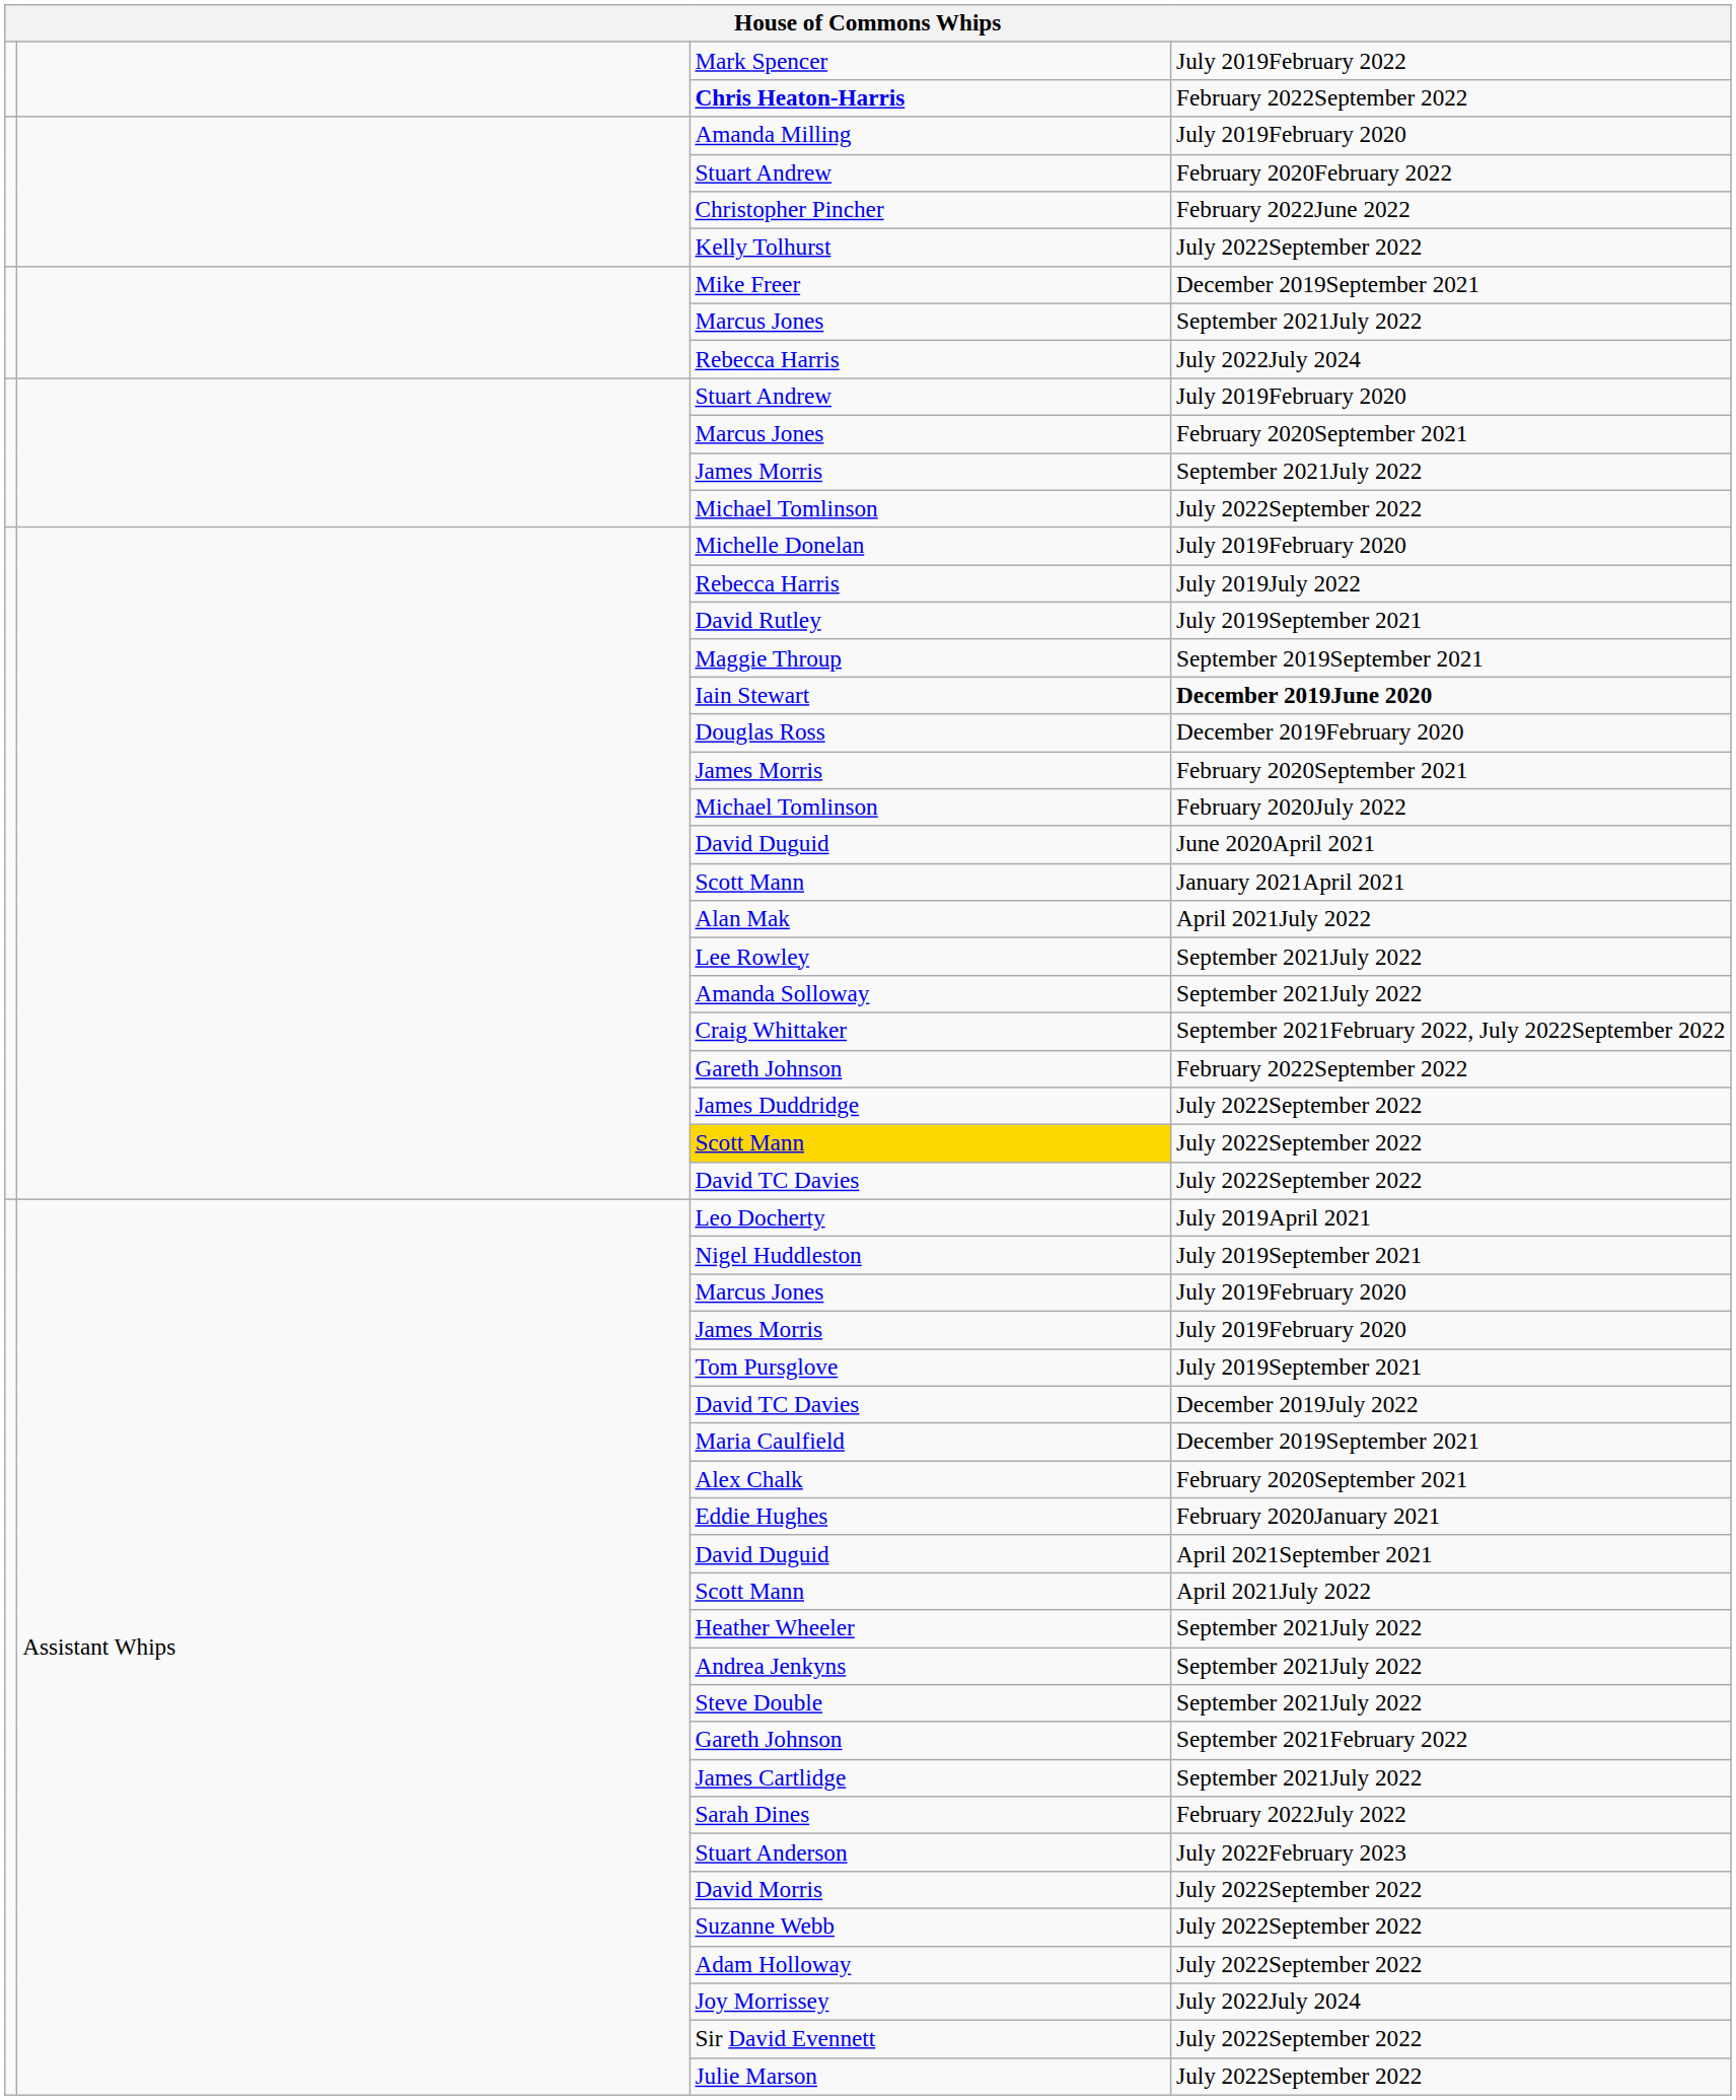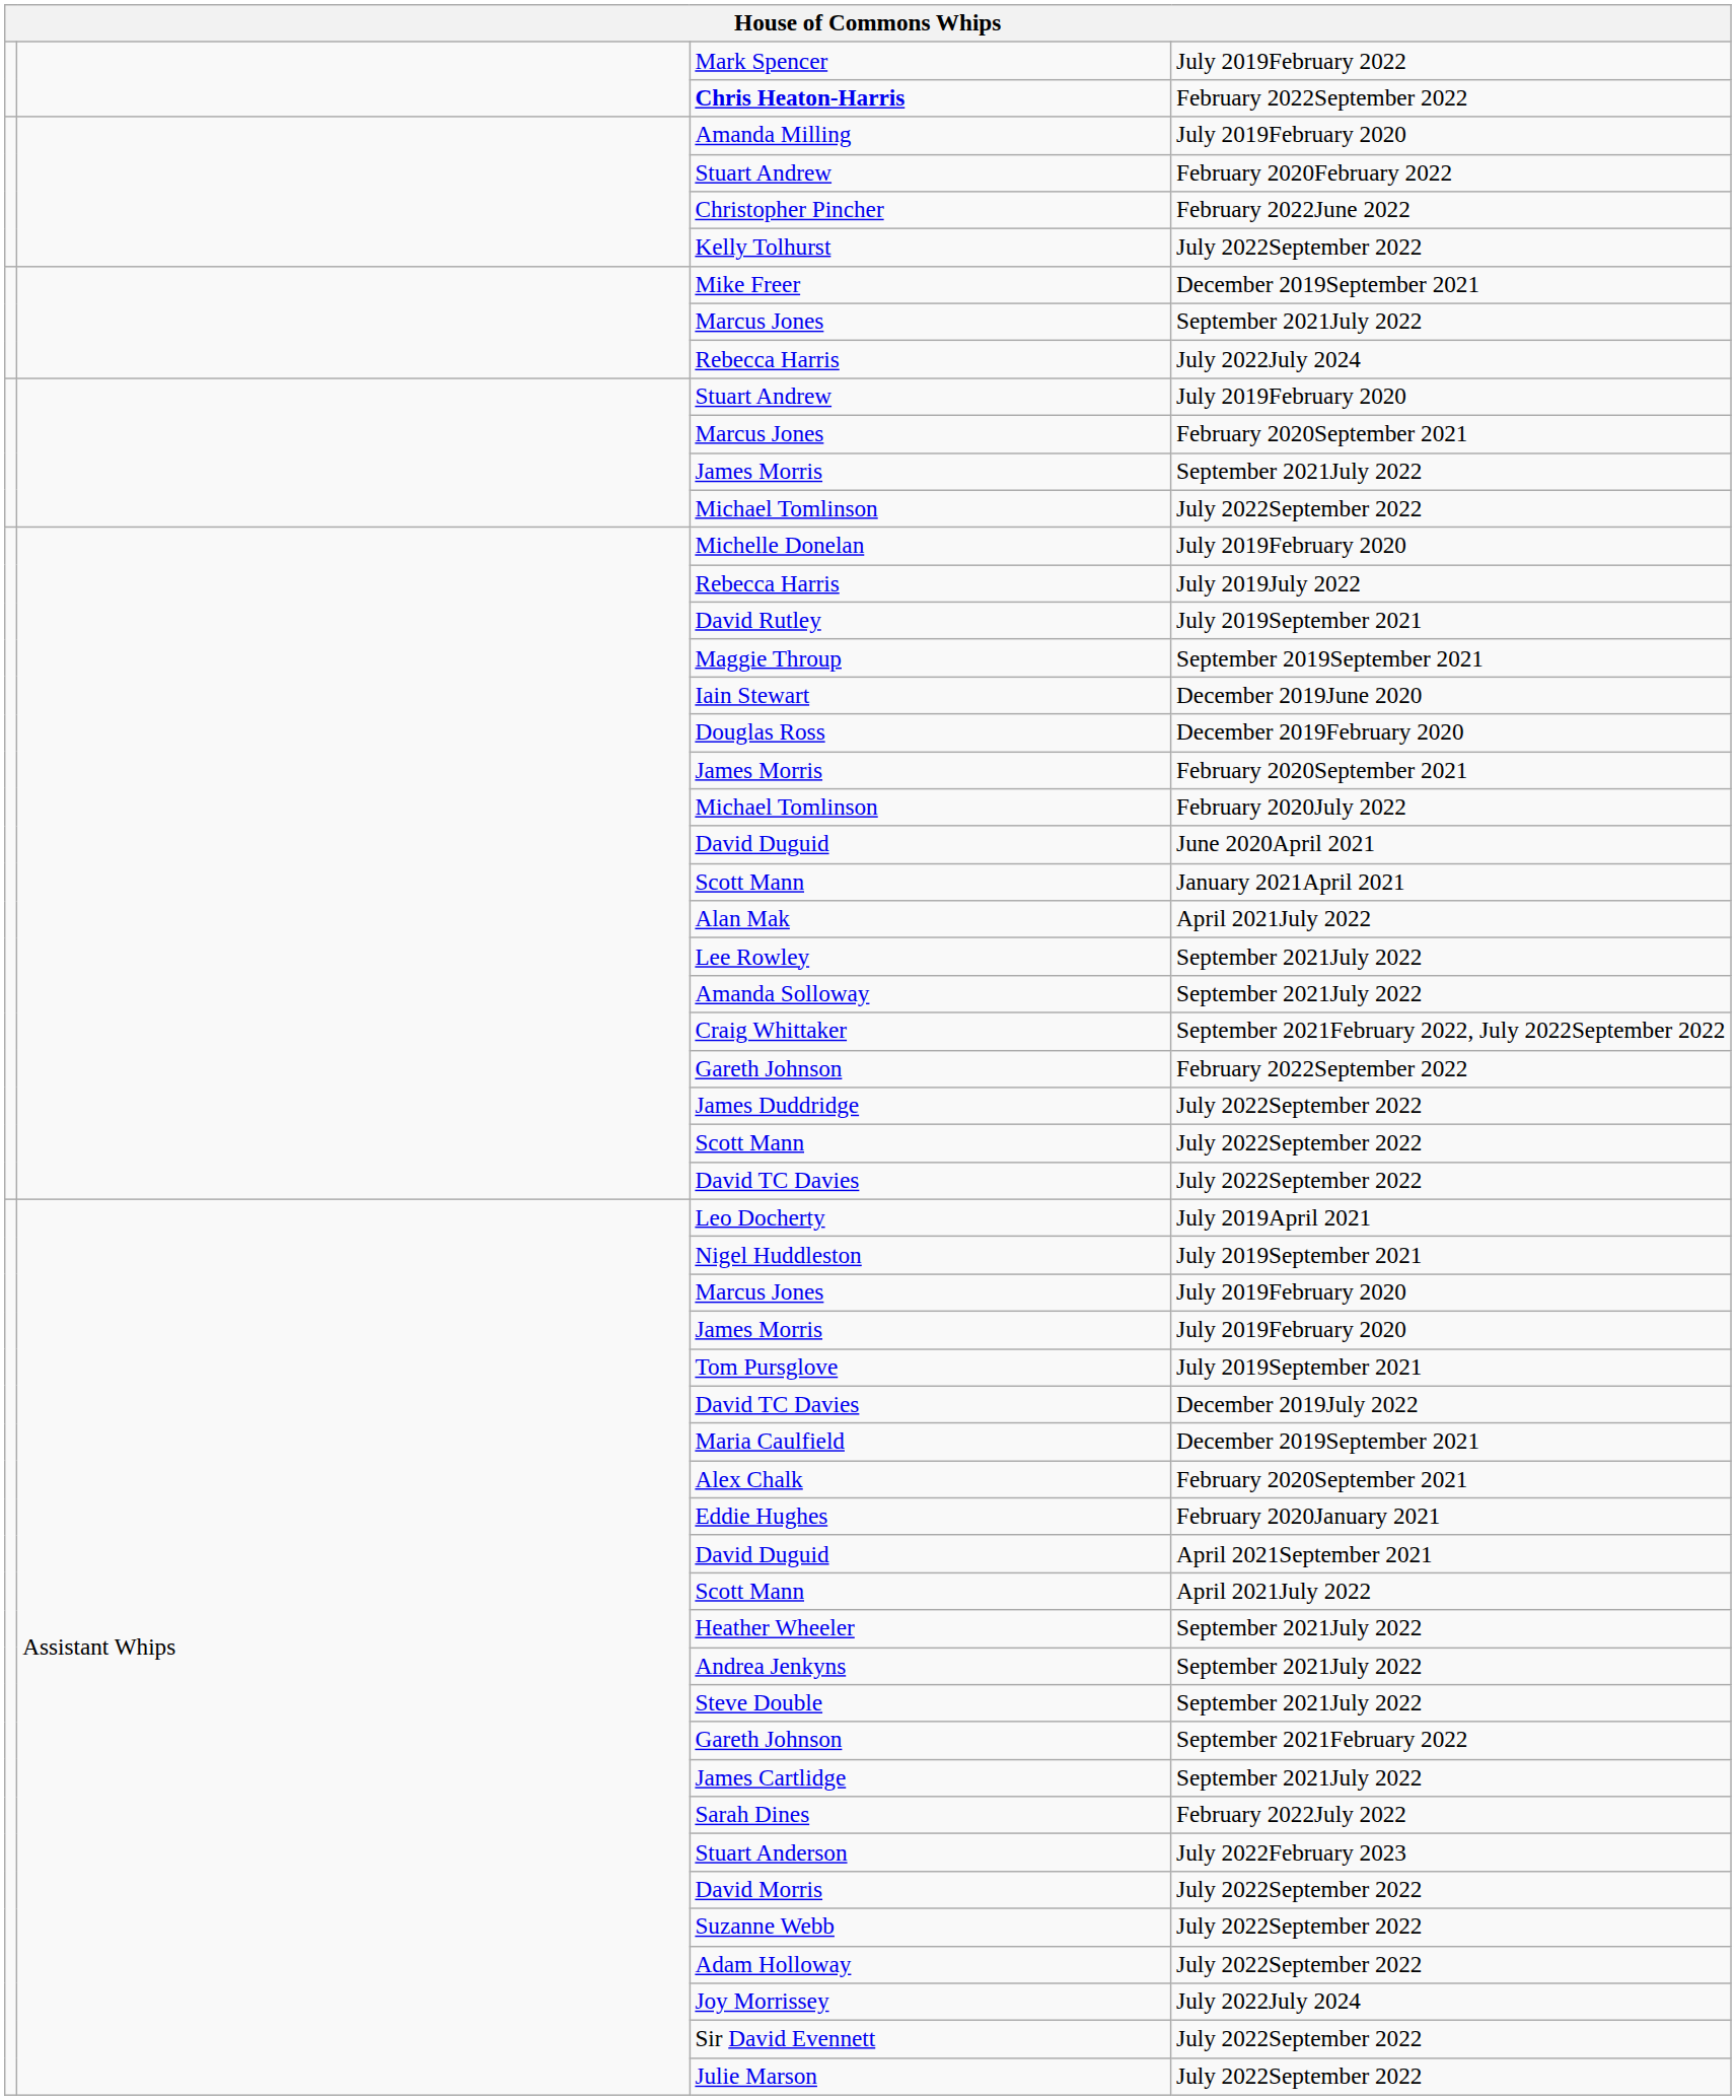 <table class="wikitable">
 <tr>
 <th colspan="4">House of Commons Whips</th>
 </tr>
 <tr>
 <td rowspan=2 style="width: 1px; background: "></td>
 <td rowspan=2 style="width: 450px;"></td>
 <td style="width: 320px;"><a href='#'>Mark Spencer</a></td>
 <td>July 2019February 2022</td>
 </tr>
 <tr>
 <td style="width: 320px;"><strong><a href='#'>Chris Heaton-Harris</a></strong></td>
 <td>February 2022September 2022</td>
 </tr>
 <tr>
 <td rowspan=4 style="width: 1px; background: "></td>
 <td rowspan=4></td>
 <td><a href='#'>Amanda Milling</a></td>
 <td>July 2019February 2020</td>
 </tr>
 <tr>
 <td><a href='#'>Stuart Andrew</a></td>
 <td>February 2020February 2022</td>
 </tr>
 <tr>
 <td><a href='#'>Christopher Pincher</a></td>
 <td>February 2022June 2022</td>
 </tr>
 <tr>
 <td><a href='#'>Kelly Tolhurst</a></td>
 <td>July 2022September 2022</td>
 </tr>
 <tr>
 <td rowspan=3 style="width: 1px; background: "></td>
 <td rowspan=3></td>
 <td><a href='#'>Mike Freer</a></td>
 <td>December 2019September 2021</td>
 </tr>
 <tr>
 <td><a href='#'>Marcus Jones</a></td>
 <td>September 2021July 2022</td>
 </tr>
 <tr>
 <td><a href='#'>Rebecca Harris</a></td>
 <td>July 2022July 2024</td>
 </tr>
 <tr>
 <td rowspan=4 style="width: 1px; background: "></td>
 <td rowspan=4></td>
 <td><a href='#'>Stuart Andrew</a></td>
 <td>July 2019February 2020</td>
 </tr>
 <tr>
 <td><a href='#'>Marcus Jones</a></td>
 <td>February 2020September 2021</td>
 </tr>
 <tr>
 <td><a href='#'>James Morris</a></td>
 <td>September 2021July 2022</td>
 </tr>
 <tr>
 <td><a href='#'>Michael Tomlinson</a></td>
 <td>July 2022September 2022</td>
 </tr>
 <tr>
 <td rowspan=18 style="width: 1px; background: "></td>
 <td rowspan=18></td>
 <td><a href='#'>Michelle Donelan</a></td>
 <td>July 2019February 2020</td>
 </tr>
 <tr>
 <td><a href='#'>Rebecca Harris</a></td>
 <td>July 2019July 2022</td>
 </tr>
 <tr>
 <td><a href='#'>David Rutley</a></td>
 <td>July 2019September 2021</td>
 </tr>
 <tr>
 <td><a href='#'>Maggie Throup</a> <br></td>
 <td>September 2019September 2021</td>
 </tr>
 <tr>
 <td><a href='#'>Iain Stewart</a></td>
-<td><strong>December 2019June 2020</strong></td>
+<td>December 2019June 2020</td>
 </tr>
 <tr>
 <td><a href='#'>Douglas Ross</a> <br></td>
 <td>December 2019February 2020</td>
 </tr>
 <tr>
 <td><a href='#'>James Morris</a></td>
 <td>February 2020September 2021</td>
 </tr>
 <tr>
 <td><a href='#'>Michael Tomlinson</a></td>
 <td>February 2020July 2022</td>
 </tr>
 <tr>
 <td><a href='#'>David Duguid</a></td>
 <td>June 2020April 2021</td>
 </tr>
 <tr>
 <td><a href='#'>Scott Mann</a></td>
 <td>January 2021April 2021</td>
 </tr>
 <tr>
 <td><a href='#'>Alan Mak</a> <br></td>
 <td>April 2021July 2022</td>
 </tr>
 <tr>
 <td><a href='#'>Lee Rowley</a> <br></td>
 <td>September 2021July 2022</td>
 </tr>
 <tr>
 <td><a href='#'>Amanda Solloway</a></td>
 <td>September 2021July 2022</td>
 </tr>
 <tr>
 <td><a href='#'>Craig Whittaker</a></td>
 <td>September 2021February 2022, July 2022September 2022</td>
 </tr>
 <tr>
 <td><a href='#'>Gareth Johnson</a></td>
 <td>February 2022September 2022</td>
 </tr>
 <tr>
 <td><a href='#'>James Duddridge</a></td>
 <td>July 2022September 2022</td>
 </tr>
 <tr>
-<td style="background: gold;"><a href='#'>Scott Mann</a></td>
+<td><a href='#'>Scott Mann</a></td>
 <td>July 2022September 2022</td>
 </tr>
 <tr>
 <td><a href='#'>David TC Davies</a> <br></td>
 <td>July 2022September 2022</td>
 </tr>
 <tr>
 <td rowspan=24 style="width: 1px; background: "></td>
 <td rowspan=24>Assistant Whips</td>
 <td><a href='#'>Leo Docherty</a></td>
 <td>July 2019April 2021</td>
 </tr>
 <tr>
 <td><a href='#'>Nigel Huddleston</a> <br></td>
 <td>July 2019September 2021</td>
 </tr>
 <tr>
 <td><a href='#'>Marcus Jones</a></td>
 <td>July 2019February 2020</td>
 </tr>
 <tr>
 <td><a href='#'>James Morris</a></td>
 <td>July 2019February 2020</td>
 </tr>
 <tr>
 <td><a href='#'>Tom Pursglove</a></td>
 <td>July 2019September 2021</td>
 </tr>
 <tr>
 <td><a href='#'>David TC Davies</a> <br></td>
 <td>December 2019July 2022</td>
 </tr>
 <tr>
 <td><a href='#'>Maria Caulfield</a></td>
 <td>December 2019September 2021</td>
 </tr>
 <tr>
 <td><a href='#'>Alex Chalk</a> <br></td>
 <td>February 2020September 2021</td>
 </tr>
 <tr>
 <td><a href='#'>Eddie Hughes</a></td>
 <td>February 2020January 2021</td>
 </tr>
 <tr>
 <td><a href='#'>David Duguid</a></td>
 <td>April 2021September 2021</td>
 </tr>
 <tr>
 <td><a href='#'>Scott Mann</a></td>
 <td>April 2021July 2022</td>
 </tr>
 <tr>
 <td><a href='#'>Heather Wheeler</a> <br></td>
 <td>September 2021July 2022</td>
 </tr>
 <tr>
 <td><a href='#'>Andrea Jenkyns</a></td>
 <td>September 2021July 2022</td>
 </tr>
 <tr>
 <td><a href='#'>Steve Double</a></td>
 <td>September 2021July 2022</td>
 </tr>
 <tr>
 <td><a href='#'>Gareth Johnson</a></td>
 <td>September 2021February 2022</td>
 </tr>
 <tr>
 <td><a href='#'>James Cartlidge</a><br></td>
 <td>September 2021July 2022</td>
 </tr>
 <tr>
 <td><a href='#'>Sarah Dines</a></td>
 <td>February 2022July 2022</td>
 </tr>
 <tr>
 <td><a href='#'>Stuart Anderson</a></td>
 <td>July 2022February 2023</td>
 </tr>
 <tr>
 <td><a href='#'>David Morris</a></td>
 <td>July 2022September 2022</td>
 </tr>
 <tr>
 <td><a href='#'>Suzanne Webb</a></td>
 <td>July 2022September 2022</td>
 </tr>
 <tr>
 <td><a href='#'>Adam Holloway</a></td>
 <td>July 2022September 2022</td>
 </tr>
 <tr>
 <td><a href='#'>Joy Morrissey</a></td>
 <td>July 2022July 2024</td>
 </tr>
 <tr>
 <td>Sir <a href='#'>David Evennett</a></td>
 <td>July 2022September 2022</td>
 </tr>
 <tr>
 <td><a href='#'>Julie Marson</a> <br></td>
 <td>July 2022September 2022</td>
 </tr>
 </table>
